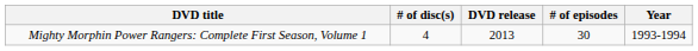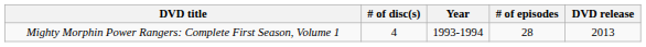 <table class="wikitable"  style="width:99%; left:0 auto; text-align:center;">
 <tr>
 <th>DVD title</th>
 <th># of disc(s)</th>
+<th>Year</th>
+<th># of episodes</th>
 <th>DVD release</th>
-<th># of episodes</th>
-<th>Year</th>
 </tr>
 <tr>
 <td><em>Mighty Morphin Power Rangers: Complete First Season, Volume 1</em></td>
 <td>4</td>
+<td>1993-1994</td>
+<td>28</td>
 <td>2013</td>
-<td>30</td>
-<td>1993-1994</td>
 </tr>
 </table>
